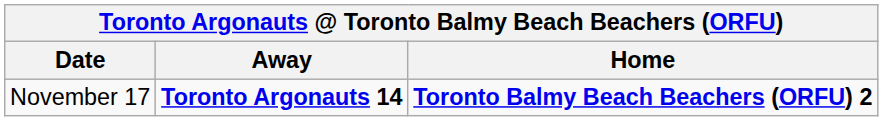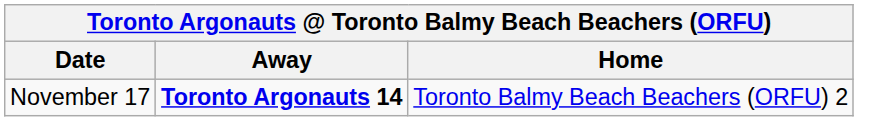 <table class="wikitable">
 <tr>
 <th colspan=4><a href='#'>Toronto Argonauts</a> @ Toronto Balmy Beach Beachers (<a href='#'>ORFU</a>)</th>
 </tr>
 <tr>
 <th>Date</th>
 <th>Away</th>
 <th>Home</th>
 </tr>
 <tr>
 <td>November 17</td>
 <td><strong><a href='#'>Toronto Argonauts</a> 14</strong></td>
-<td><strong><a href='#'>Toronto Balmy Beach Beachers</a> (<a href='#'>ORFU</a>) 2</strong></td>
+<td><a href='#'>Toronto Balmy Beach Beachers</a> (<a href='#'>ORFU</a>) 2</td>
 </tr>
 </table>
